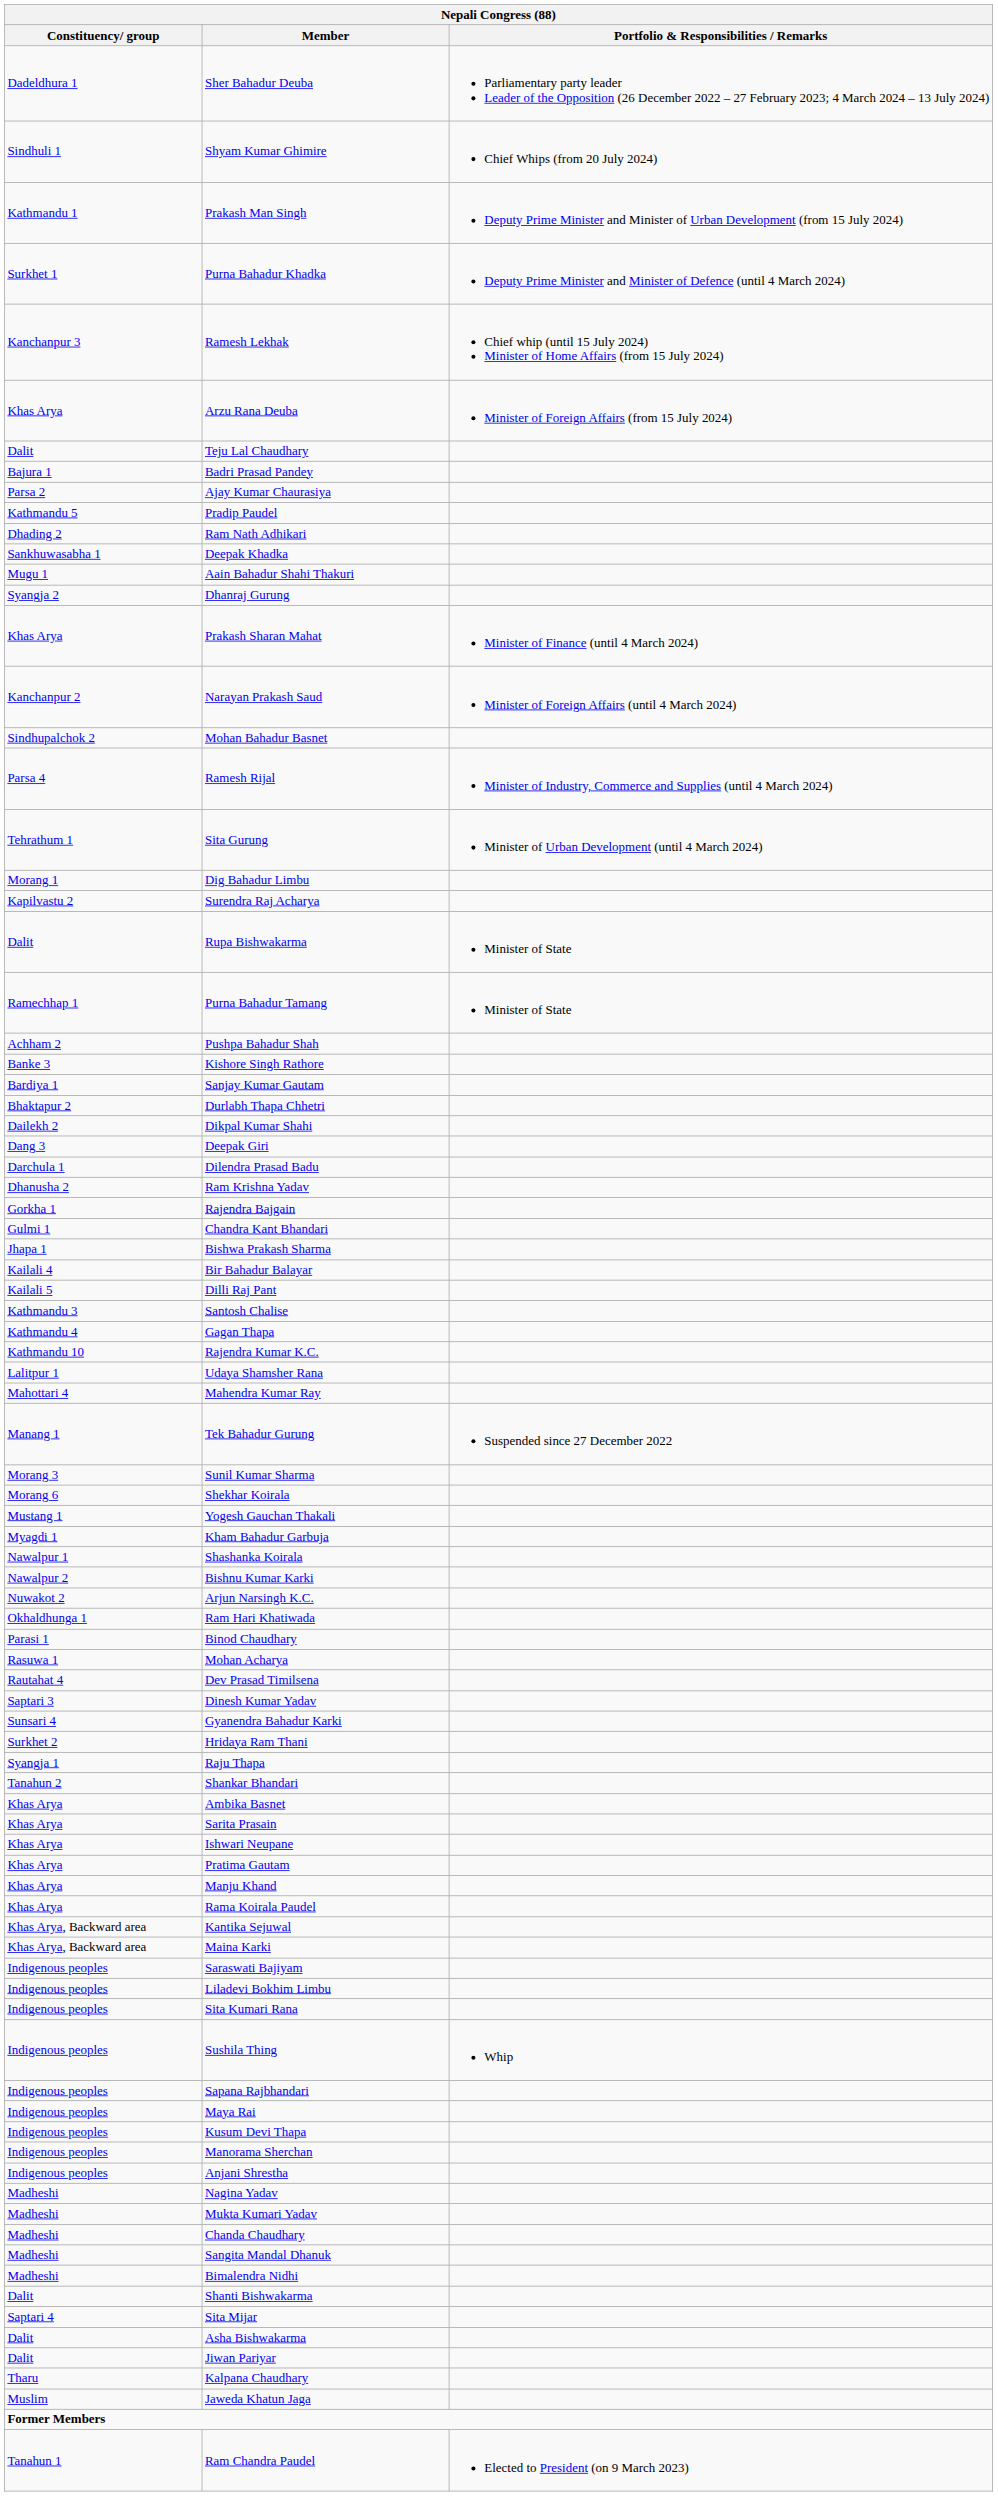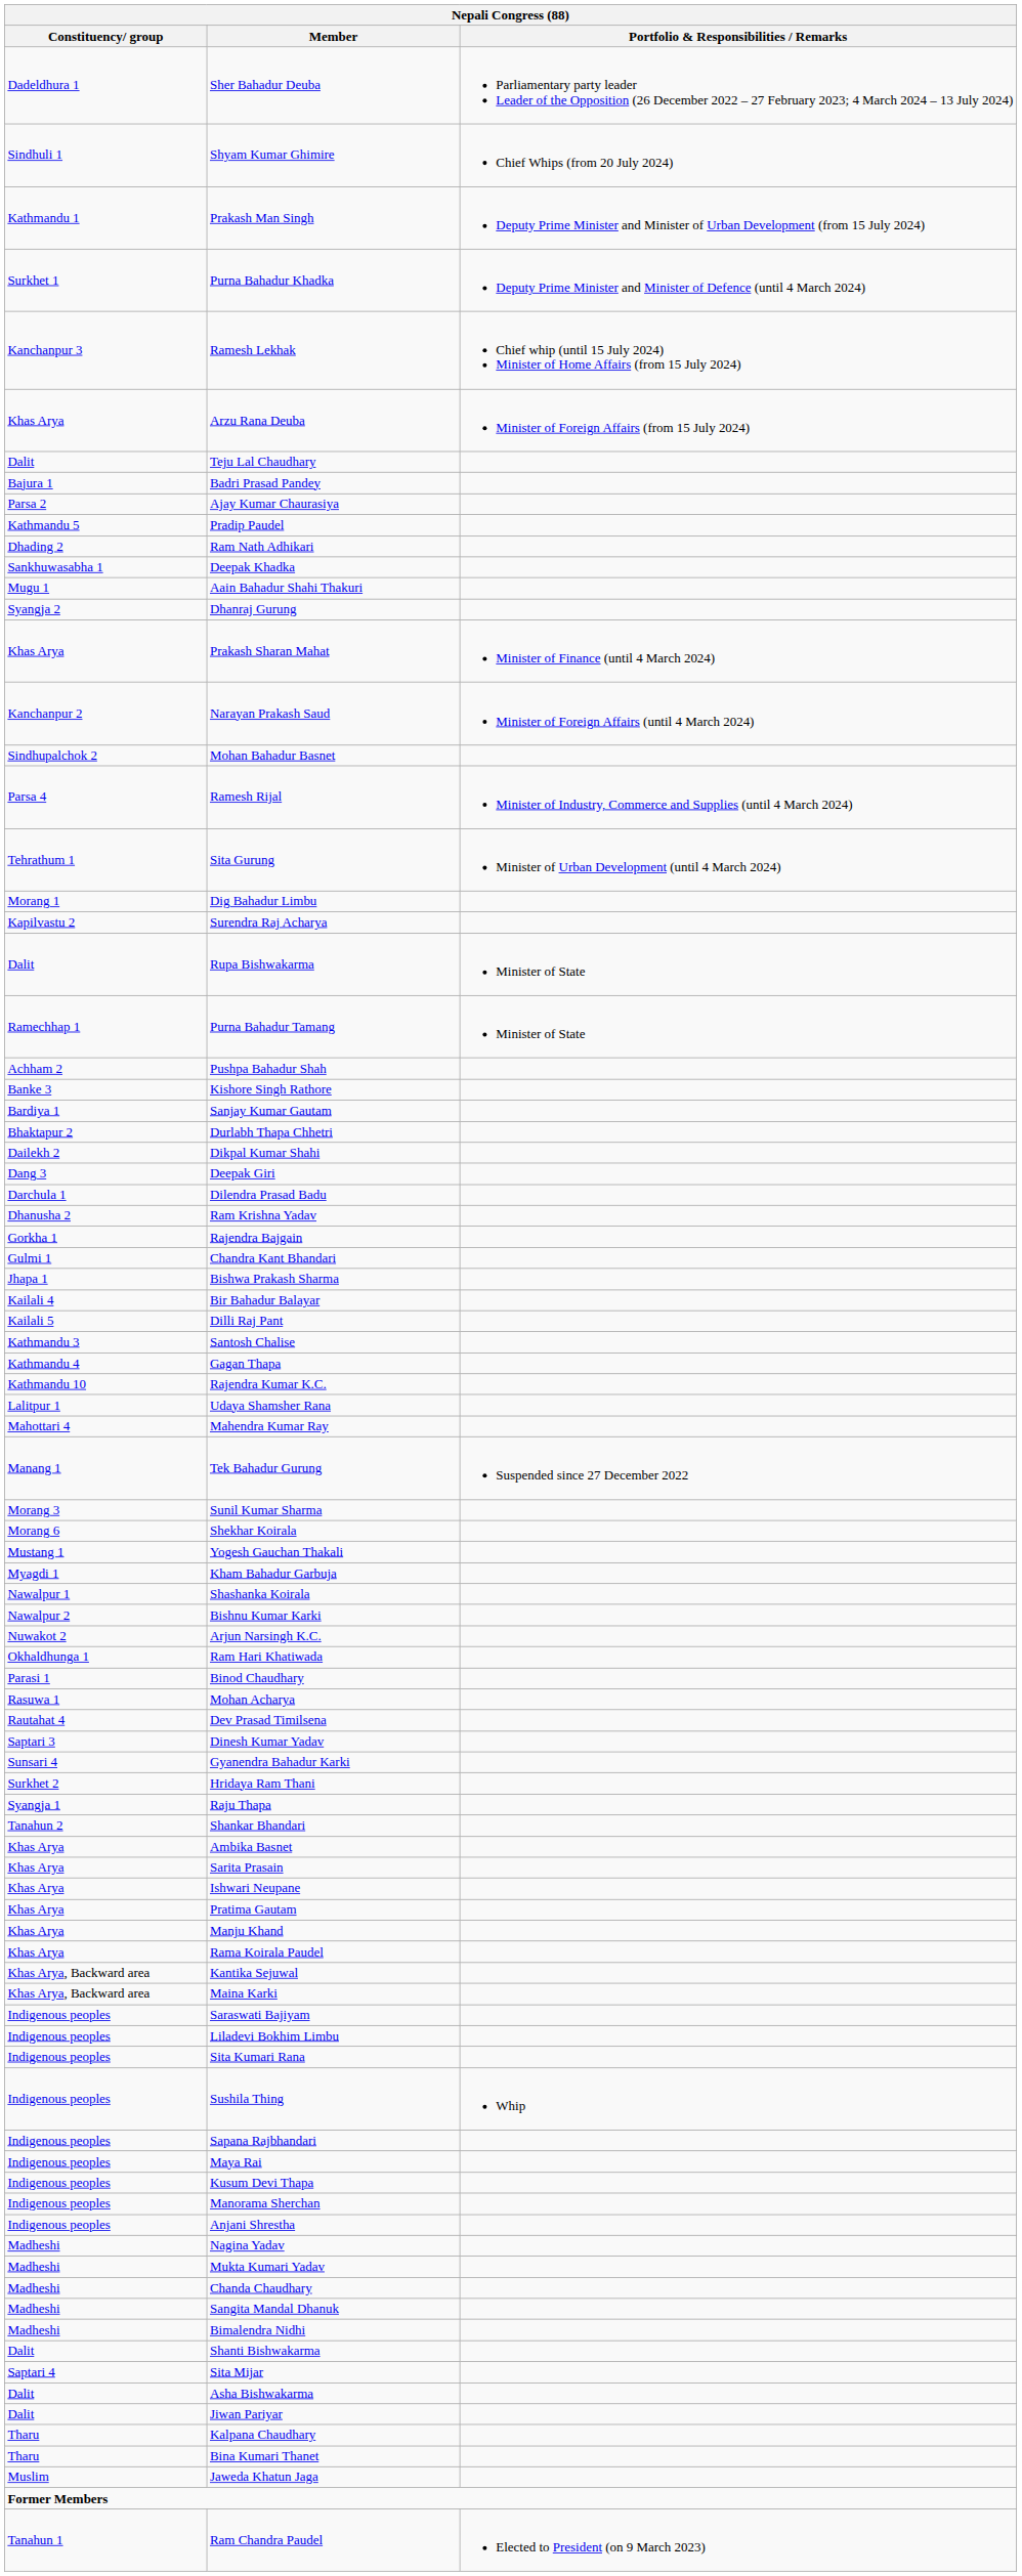 <table class="wikitable sortable mw-collapsible mw-collapsed">
 <tr>
 <th colspan="3" style="width: 800pt; background:">Nepali Congress (88)</th>
 </tr>
 <tr>
 <th style="width:20%;">Constituency/ group</th>
 <th style="width:25%;">Member</th>
 <th>Portfolio & Responsibilities / Remarks</th>
 </tr>
 <tr>
 <td><a href='#'>Dadeldhura 1</a></td>
 <td><a href='#'>Sher Bahadur Deuba</a></td>
 <td><br><ul><li>Parliamentary party leader</li><li><a href='#'>Leader of the Opposition</a> (26 December 2022 – 27 February 2023; 4 March 2024 – 13 July 2024)</li></ul></td>
 </tr>
 <tr>
 <td><a href='#'>Sindhuli 1</a></td>
 <td><a href='#'>Shyam Kumar Ghimire</a></td>
 <td><br><ul><li>Chief Whips (from 20 July 2024)</li></ul></td>
 </tr>
 <tr>
 <td><a href='#'>Kathmandu 1</a></td>
 <td><a href='#'>Prakash Man Singh</a></td>
 <td><br><ul><li><a href='#'>Deputy Prime Minister</a> and Minister of <a href='#'>Urban Development</a> (from 15 July 2024)</li></ul></td>
 </tr>
 <tr>
 <td><a href='#'>Surkhet 1</a></td>
 <td><a href='#'>Purna Bahadur Khadka</a></td>
 <td><br><ul><li><a href='#'>Deputy Prime Minister</a> and <a href='#'>Minister of Defence</a> (until 4 March 2024)</li></ul></td>
 </tr>
 <tr>
 <td><a href='#'>Kanchanpur 3</a></td>
 <td><a href='#'>Ramesh Lekhak</a></td>
 <td><br><ul><li>Chief whip (until 15 July 2024)</li><li><a href='#'>Minister of Home Affairs</a> (from 15 July 2024)</li></ul></td>
 </tr>
 <tr>
 <td><a href='#'>Khas Arya</a></td>
 <td><a href='#'>Arzu Rana Deuba</a></td>
 <td><br><ul><li><a href='#'>Minister of Foreign Affairs</a> (from 15 July 2024)</li></ul></td>
 </tr>
 <tr>
 <td><a href='#'>Dalit</a></td>
 <td><a href='#'>Teju Lal Chaudhary</a></td>
 <td></td>
 </tr>
 <tr>
 <td><a href='#'>Bajura 1</a></td>
 <td><a href='#'>Badri Prasad Pandey</a></td>
 <td></td>
 </tr>
 <tr>
 <td><a href='#'>Parsa 2</a></td>
 <td><a href='#'>Ajay Kumar Chaurasiya</a></td>
 <td></td>
 </tr>
 <tr>
 <td><a href='#'>Kathmandu 5</a></td>
 <td><a href='#'>Pradip Paudel</a></td>
 <td></td>
 </tr>
 <tr>
 <td><a href='#'>Dhading 2</a></td>
 <td><a href='#'>Ram Nath Adhikari</a></td>
 <td></td>
 </tr>
 <tr>
 <td><a href='#'>Sankhuwasabha 1</a></td>
 <td><a href='#'>Deepak Khadka</a></td>
 <td></td>
 </tr>
 <tr>
 <td><a href='#'>Mugu 1</a></td>
 <td><a href='#'>Aain Bahadur Shahi Thakuri</a></td>
 <td></td>
 </tr>
 <tr>
 <td><a href='#'>Syangja 2</a></td>
 <td><a href='#'>Dhanraj Gurung</a></td>
 <td></td>
 </tr>
 <tr>
 <td><a href='#'>Khas Arya</a></td>
 <td><a href='#'>Prakash Sharan Mahat</a></td>
 <td><br><ul><li><a href='#'>Minister of Finance</a> (until 4 March 2024)</li></ul></td>
 </tr>
 <tr>
 <td><a href='#'>Kanchanpur 2</a></td>
 <td><a href='#'>Narayan Prakash Saud</a></td>
 <td><br><ul><li><a href='#'> Minister of Foreign Affairs</a> (until 4 March 2024)</li></ul></td>
 </tr>
 <tr>
 <td><a href='#'>Sindhupalchok 2</a></td>
 <td><a href='#'>Mohan Bahadur Basnet</a></td>
 <td></td>
 </tr>
 <tr>
 <td><a href='#'>Parsa 4</a></td>
 <td><a href='#'>Ramesh Rijal</a></td>
 <td><br><ul><li><a href='#'>Minister of Industry, Commerce and Supplies</a> (until 4 March 2024)</li></ul></td>
 </tr>
 <tr>
 <td><a href='#'>Tehrathum 1</a></td>
 <td><a href='#'>Sita Gurung</a></td>
 <td><br><ul><li>Minister of <a href='#'>Urban Development</a> (until 4 March 2024)</li></ul></td>
 </tr>
 <tr>
 <td><a href='#'>Morang 1</a></td>
 <td><a href='#'>Dig Bahadur Limbu</a></td>
 <td></td>
 </tr>
 <tr>
 <td><a href='#'>Kapilvastu 2</a></td>
 <td><a href='#'>Surendra Raj Acharya</a></td>
 <td></td>
 </tr>
 <tr>
 <td><a href='#'>Dalit</a></td>
 <td><a href='#'>Rupa Bishwakarma</a></td>
 <td><br><ul><li>Minister of State</li></ul></td>
 </tr>
 <tr>
 <td><a href='#'>Ramechhap 1</a></td>
 <td><a href='#'>Purna Bahadur Tamang</a></td>
 <td><br><ul><li>Minister of State</li></ul></td>
 </tr>
 <tr>
 <td><a href='#'>Achham 2</a></td>
 <td><a href='#'>Pushpa Bahadur Shah</a></td>
 <td></td>
 </tr>
 <tr>
 <td><a href='#'>Banke 3</a></td>
 <td><a href='#'>Kishore Singh Rathore</a></td>
 <td></td>
 </tr>
 <tr>
 <td><a href='#'>Bardiya 1</a></td>
 <td><a href='#'>Sanjay Kumar Gautam</a></td>
 <td></td>
 </tr>
 <tr>
 <td><a href='#'>Bhaktapur 2</a></td>
 <td><a href='#'>Durlabh Thapa Chhetri</a></td>
 <td></td>
 </tr>
 <tr>
 <td><a href='#'>Dailekh 2</a></td>
 <td><a href='#'>Dikpal Kumar Shahi</a></td>
 <td></td>
 </tr>
 <tr>
 <td><a href='#'>Dang 3</a></td>
 <td><a href='#'>Deepak Giri</a></td>
 <td></td>
 </tr>
 <tr>
 <td><a href='#'>Darchula 1</a></td>
 <td><a href='#'>Dilendra Prasad Badu</a></td>
 <td></td>
 </tr>
 <tr>
 <td><a href='#'>Dhanusha 2</a></td>
 <td><a href='#'>Ram Krishna Yadav</a></td>
 <td></td>
 </tr>
 <tr>
 <td><a href='#'>Gorkha 1</a></td>
 <td><a href='#'>Rajendra Bajgain</a></td>
 <td></td>
 </tr>
 <tr>
 <td><a href='#'>Gulmi 1</a></td>
 <td><a href='#'>Chandra Kant Bhandari</a></td>
 <td></td>
 </tr>
 <tr>
 <td><a href='#'>Jhapa 1</a></td>
 <td><a href='#'>Bishwa Prakash Sharma</a></td>
 <td></td>
 </tr>
 <tr>
 <td><a href='#'>Kailali 4</a></td>
 <td><a href='#'>Bir Bahadur Balayar</a></td>
 <td></td>
 </tr>
 <tr>
 <td><a href='#'>Kailali 5</a></td>
 <td><a href='#'>Dilli Raj Pant</a></td>
 <td></td>
 </tr>
 <tr>
 <td><a href='#'>Kathmandu 3</a></td>
 <td><a href='#'>Santosh Chalise</a></td>
 <td></td>
 </tr>
 <tr>
 <td><a href='#'>Kathmandu 4</a></td>
 <td><a href='#'>Gagan Thapa</a></td>
 <td></td>
 </tr>
 <tr>
 <td><a href='#'>Kathmandu 10</a></td>
 <td><a href='#'>Rajendra Kumar K.C.</a></td>
 <td></td>
 </tr>
 <tr>
 <td><a href='#'>Lalitpur 1</a></td>
 <td><a href='#'>Udaya Shamsher Rana</a></td>
 <td></td>
 </tr>
 <tr>
 <td><a href='#'>Mahottari 4</a></td>
 <td><a href='#'>Mahendra Kumar Ray</a></td>
 <td></td>
 </tr>
 <tr>
 <td><a href='#'>Manang 1</a></td>
 <td><a href='#'>Tek Bahadur Gurung</a></td>
 <td><br><ul><li>Suspended since 27 December 2022</li></ul></td>
 </tr>
 <tr>
 <td><a href='#'>Morang 3</a></td>
 <td><a href='#'>Sunil Kumar Sharma</a></td>
 <td></td>
 </tr>
 <tr>
 <td><a href='#'>Morang 6</a></td>
 <td><a href='#'>Shekhar Koirala</a></td>
 <td></td>
 </tr>
 <tr>
 <td><a href='#'>Mustang 1</a></td>
 <td><a href='#'>Yogesh Gauchan Thakali</a></td>
 <td></td>
 </tr>
 <tr>
 <td><a href='#'>Myagdi 1</a></td>
 <td><a href='#'>Kham Bahadur Garbuja</a></td>
 <td></td>
 </tr>
 <tr>
 <td><a href='#'>Nawalpur 1</a></td>
 <td><a href='#'>Shashanka Koirala</a></td>
 <td></td>
 </tr>
 <tr>
 <td><a href='#'>Nawalpur 2</a></td>
 <td><a href='#'>Bishnu Kumar Karki</a></td>
 <td></td>
 </tr>
 <tr>
 <td><a href='#'>Nuwakot 2</a></td>
 <td><a href='#'>Arjun Narsingh K.C.</a></td>
 <td></td>
 </tr>
 <tr>
 <td><a href='#'>Okhaldhunga 1</a></td>
 <td><a href='#'>Ram Hari Khatiwada</a></td>
 <td></td>
 </tr>
 <tr>
 <td><a href='#'>Parasi 1</a></td>
 <td><a href='#'>Binod Chaudhary</a></td>
 <td></td>
 </tr>
 <tr>
 <td><a href='#'>Rasuwa 1</a></td>
 <td><a href='#'>Mohan Acharya</a></td>
 <td></td>
 </tr>
 <tr>
 <td><a href='#'>Rautahat 4</a></td>
 <td><a href='#'>Dev Prasad Timilsena</a></td>
 <td></td>
 </tr>
 <tr>
 <td><a href='#'>Saptari 3</a></td>
 <td><a href='#'>Dinesh Kumar Yadav</a></td>
 <td></td>
 </tr>
 <tr>
 <td><a href='#'>Sunsari 4</a></td>
 <td><a href='#'>Gyanendra Bahadur Karki</a></td>
 <td></td>
 </tr>
 <tr>
 <td><a href='#'>Surkhet 2</a></td>
 <td><a href='#'>Hridaya Ram Thani</a></td>
 <td></td>
 </tr>
 <tr>
 <td><a href='#'>Syangja 1</a></td>
 <td><a href='#'>Raju Thapa</a></td>
 <td></td>
 </tr>
 <tr>
 <td><a href='#'>Tanahun 2</a></td>
 <td><a href='#'>Shankar Bhandari</a></td>
 <td></td>
 </tr>
 <tr>
 <td><a href='#'>Khas Arya</a></td>
 <td><a href='#'>Ambika Basnet</a></td>
 <td></td>
 </tr>
 <tr>
 <td><a href='#'>Khas Arya</a></td>
 <td><a href='#'>Sarita Prasain</a></td>
 <td></td>
 </tr>
 <tr>
 <td><a href='#'>Khas Arya</a></td>
 <td><a href='#'>Ishwari Neupane</a></td>
 <td></td>
 </tr>
 <tr>
 <td><a href='#'>Khas Arya</a></td>
 <td><a href='#'>Pratima Gautam</a></td>
 <td></td>
 </tr>
 <tr>
 <td><a href='#'>Khas Arya</a></td>
 <td><a href='#'>Manju Khand</a></td>
 <td></td>
 </tr>
 <tr>
 <td><a href='#'>Khas Arya</a></td>
 <td><a href='#'>Rama Koirala Paudel</a></td>
 <td></td>
 </tr>
 <tr>
 <td><a href='#'>Khas Arya</a>, Backward area</td>
 <td><a href='#'>Kantika Sejuwal</a></td>
 <td></td>
 </tr>
 <tr>
 <td><a href='#'>Khas Arya</a>, Backward area</td>
 <td><a href='#'>Maina Karki</a></td>
 <td></td>
 </tr>
 <tr>
 <td><a href='#'>Indigenous peoples</a></td>
 <td><a href='#'>Saraswati Bajiyam</a></td>
 <td></td>
 </tr>
 <tr>
 <td><a href='#'>Indigenous peoples</a></td>
 <td><a href='#'>Liladevi Bokhim Limbu</a></td>
 <td></td>
 </tr>
 <tr>
 <td><a href='#'>Indigenous peoples</a></td>
 <td><a href='#'>Sita Kumari Rana</a></td>
 <td></td>
 </tr>
 <tr>
 <td><a href='#'>Indigenous peoples</a></td>
 <td><a href='#'>Sushila Thing</a></td>
 <td><br><ul><li>Whip</li></ul></td>
 </tr>
 <tr>
 <td><a href='#'>Indigenous peoples</a></td>
 <td><a href='#'>Sapana Rajbhandari</a></td>
 <td></td>
 </tr>
 <tr>
 <td><a href='#'>Indigenous peoples</a></td>
 <td><a href='#'>Maya Rai</a></td>
 <td></td>
 </tr>
 <tr>
 <td><a href='#'>Indigenous peoples</a></td>
 <td><a href='#'>Kusum Devi Thapa</a></td>
 <td></td>
 </tr>
 <tr>
 <td><a href='#'>Indigenous peoples</a></td>
 <td><a href='#'>Manorama Sherchan</a></td>
 <td></td>
 </tr>
 <tr>
 <td><a href='#'>Indigenous peoples</a></td>
 <td><a href='#'>Anjani Shrestha</a></td>
 <td></td>
 </tr>
 <tr>
 <td><a href='#'>Madheshi</a></td>
 <td><a href='#'>Nagina Yadav</a></td>
 <td></td>
 </tr>
 <tr>
 <td><a href='#'>Madheshi</a></td>
 <td><a href='#'>Mukta Kumari Yadav</a></td>
 <td></td>
 </tr>
 <tr>
 <td><a href='#'>Madheshi</a></td>
 <td><a href='#'>Chanda Chaudhary</a></td>
 <td></td>
 </tr>
 <tr>
 <td><a href='#'>Madheshi</a></td>
 <td><a href='#'>Sangita Mandal Dhanuk</a></td>
 <td></td>
 </tr>
 <tr>
 <td><a href='#'>Madheshi</a></td>
 <td><a href='#'>Bimalendra Nidhi</a></td>
 <td></td>
 </tr>
 <tr>
 <td><a href='#'>Dalit</a></td>
 <td><a href='#'>Shanti Bishwakarma</a></td>
 <td></td>
 </tr>
 <tr>
 <td><a href='#'>Saptari 4</a></td>
 <td><a href='#'>Sita Mijar</a></td>
 <td></td>
 </tr>
 <tr>
 <td><a href='#'>Dalit</a></td>
 <td><a href='#'>Asha Bishwakarma</a></td>
 <td></td>
 </tr>
 <tr>
 <td><a href='#'>Dalit</a></td>
 <td><a href='#'>Jiwan Pariyar</a></td>
 <td></td>
 </tr>
 <tr>
 <td><a href='#'>Tharu</a></td>
 <td><a href='#'>Kalpana Chaudhary</a></td>
 <td></td>
 </tr>
 <tr>
+<td><a href='#'>Tharu</a></td>
+<td><a href='#'>Bina Kumari Thanet</a></td>
+<td></td>
+</tr>
+<tr>
 <td><a href='#'>Muslim</a></td>
 <td><a href='#'>Jaweda Khatun Jaga</a></td>
 <td></td>
 </tr>
 <tr>
 <td colspan="3"><strong>Former Members</strong></td>
 </tr>
 <tr>
 <td><a href='#'>Tanahun 1</a></td>
 <td><a href='#'>Ram Chandra Paudel</a></td>
 <td><br><ul><li>Elected to <a href='#'>President</a> (on 9 March 2023)</li></ul></td>
 </tr>
 </table>
